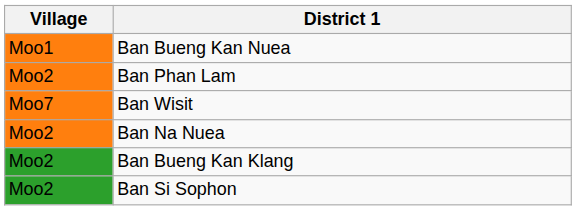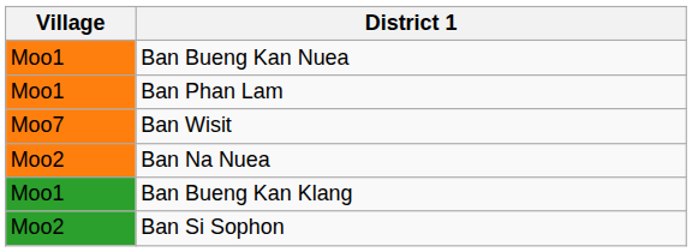 <table class="wikitable" style="width:32%; display:inline-table;">
 <tr>
 <th scope="col" style="width:4%;">Village</th>
 <th scope="col" style="width:28%;">District 1</th>
 </tr>
 <tr>
 <td style="background:#ff7f0e;">Moo1</td>
 <td>Ban Bueng Kan Nuea</td>
 </tr>
 <tr>
-<td style="background:#ff7f0e;">Moo2</td>
+<td style="background:#ff7f0e;">Moo1</td>
 <td>Ban Phan Lam</td>
 </tr>
 <tr>
 <td style="background:#ff7f0e;">Moo7</td>
 <td>Ban Wisit</td>
 </tr>
 <tr>
 <td style="background:#ff7f0e;">Moo2</td>
 <td>Ban Na Nuea</td>
 </tr>
 <tr>
-<td style="background:#2ca02c;">Moo2</td>
+<td style="background:#2ca02c;">Moo1</td>
 <td>Ban Bueng Kan Klang</td>
 </tr>
 <tr>
 <td style="background:#2ca02c;">Moo2</td>
 <td>Ban Si Sophon</td>
 </tr>
 </table>
